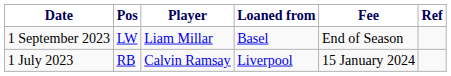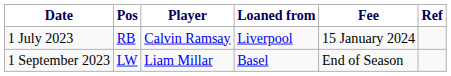 <table class="wikitable plainrowheaders sortable">
 <tr>
 <th style="background:#ffffff;color:#00005a; ">Date</th>
 <th style="background:#ffffff;color:#00005a; ">Pos</th>
 <th style="background:#ffffff;color:#00005a; ">Player</th>
 <th style="background:#ffffff;color:#00005a; ">Loaned from</th>
 <th style="background:#ffffff;color:#00005a; ">Fee</th>
 <th style="background:#ffffff;color:#00005a; ">Ref</th>
 </tr>
 <tr>
+<td>1 July 2023</td>
+<td><a href='#'>RB</a></td>
+<td> <a href='#'>Calvin Ramsay</a></td>
+<td> <a href='#'>Liverpool</a></td>
+<td>15 January 2024</td>
+<td></td>
+</tr>
+<tr>
 <td>1 September 2023</td>
 <td><a href='#'>LW</a></td>
 <td> <a href='#'>Liam Millar</a></td>
 <td> <a href='#'>Basel</a></td>
 <td>End of Season</td>
 <td></td>
 </tr>
-<tr>
-<td>1 July 2023</td>
-<td><a href='#'>RB</a></td>
-<td> <a href='#'>Calvin Ramsay</a></td>
-<td> <a href='#'>Liverpool</a></td>
-<td>15 January 2024</td>
-<td></td>
-</tr>
 </table>
